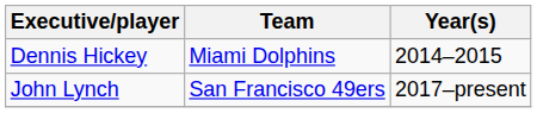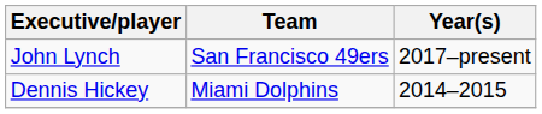 <table class="wikitable">
 <tr>
 <th>Executive/player</th>
 <th>Team</th>
 <th>Year(s)</th>
 </tr>
 <tr style= style="text-align:center;">
+<td><a href='#'>John Lynch</a></td>
+<td><a href='#'>San Francisco 49ers</a></td>
+<td>2017–present</td>
+</tr>
+<tr style= style="text-align:center;">
 <td><a href='#'>Dennis Hickey</a></td>
 <td><a href='#'>Miami Dolphins</a></td>
 <td>2014–2015</td>
 </tr>
 <tr style= style="text-align:center;">
-<td><a href='#'>John Lynch</a></td>
-<td><a href='#'>San Francisco 49ers</a></td>
-<td>2017–present</td>
-</tr>
-<tr style= style="text-align:center;">
 </tr>
 </table>
